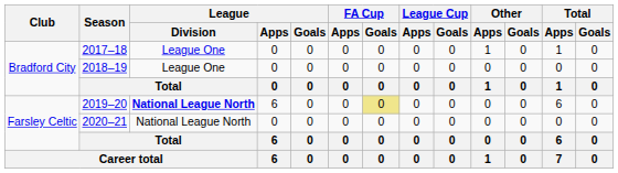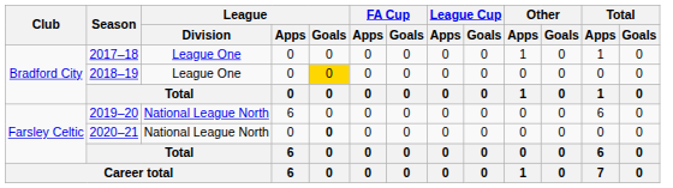 <table class=wikitable style="text-align: center">
 <tr>
 <th rowspan=2>Club</th>
 <th rowspan=2>Season</th>
 <th colspan=3>League</th>
 <th colspan=2><a href='#'>FA Cup</a></th>
 <th colspan=2><a href='#'>League Cup</a></th>
 <th colspan=2>Other</th>
 <th colspan=2>Total</th>
 </tr>
 <tr>
 <th>Division</th>
 <th>Apps</th>
 <th>Goals</th>
 <th>Apps</th>
 <th>Goals</th>
 <th>Apps</th>
 <th>Goals</th>
 <th>Apps</th>
 <th>Goals</th>
 <th>Apps</th>
 <th>Goals</th>
 </tr>
 <tr>
 <td rowspan=3><a href='#'>Bradford City</a></td>
 <td><a href='#'>2017–18</a></td>
 <td><a href='#'>League One</a></td>
 <td>0</td>
 <td>0</td>
 <td>0</td>
 <td>0</td>
 <td>0</td>
 <td>0</td>
 <td>1</td>
 <td>0</td>
 <td>1</td>
 <td>0</td>
 </tr>
 <tr>
 <td><a href='#'>2018–19</a></td>
 <td>League One</td>
 <td>0</td>
-<td>0</td>
+<td style="background: gold;">0</td>
 <td>0</td>
 <td>0</td>
 <td>0</td>
 <td>0</td>
 <td>0</td>
 <td>0</td>
 <td>0</td>
 <td>0</td>
 </tr>
 <tr>
 <th colspan=2>Total</th>
 <th>0</th>
 <th>0</th>
 <th>0</th>
 <th>0</th>
 <th>0</th>
 <th>0</th>
 <th>1</th>
 <th>0</th>
 <th>1</th>
 <th>0</th>
 </tr>
 <tr>
 <td rowspan=3><a href='#'>Farsley Celtic</a></td>
 <td><a href='#'>2019–20</a></td>
-<td><strong><a href='#'>National League North</a></strong></td>
+<td><a href='#'>National League North</a></td>
 <td>6</td>
 <td>0</td>
 <td>0</td>
-<td style="background: khaki;">0</td>
+<td>0</td>
 <td>0</td>
 <td>0</td>
 <td>0</td>
 <td>0</td>
 <td>6</td>
 <td>0</td>
 </tr>
 <tr>
 <td><a href='#'>2020–21</a></td>
 <td>National League North</td>
 <td>0</td>
-<td>0</td>
+<td><strong>0</strong></td>
 <td>0</td>
 <td>0</td>
 <td>0</td>
 <td>0</td>
 <td>0</td>
 <td>0</td>
 <td>0</td>
 <td>0</td>
 </tr>
 <tr>
 <th colspan=2>Total</th>
 <th>6</th>
 <th>0</th>
 <th>0</th>
 <th>0</th>
 <th>0</th>
 <th>0</th>
 <th>0</th>
 <th>0</th>
 <th>6</th>
 <th>0</th>
 </tr>
 <tr>
 <th colspan=3>Career total</th>
 <th>6</th>
 <th>0</th>
 <th>0</th>
 <th>0</th>
 <th>0</th>
 <th>0</th>
 <th>1</th>
 <th>0</th>
 <th>7</th>
 <th>0</th>
 </tr>
 </table>
